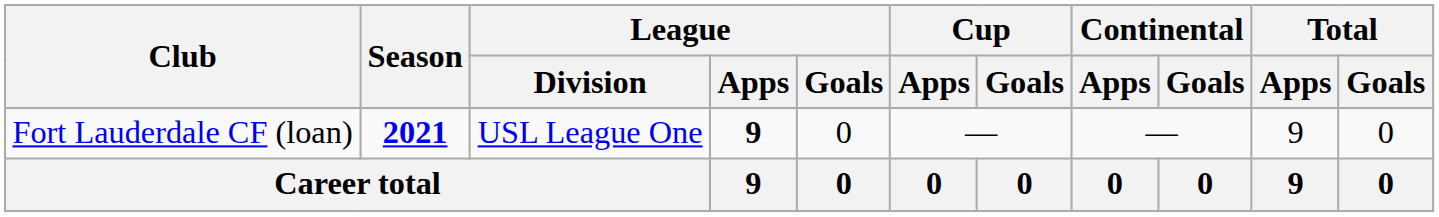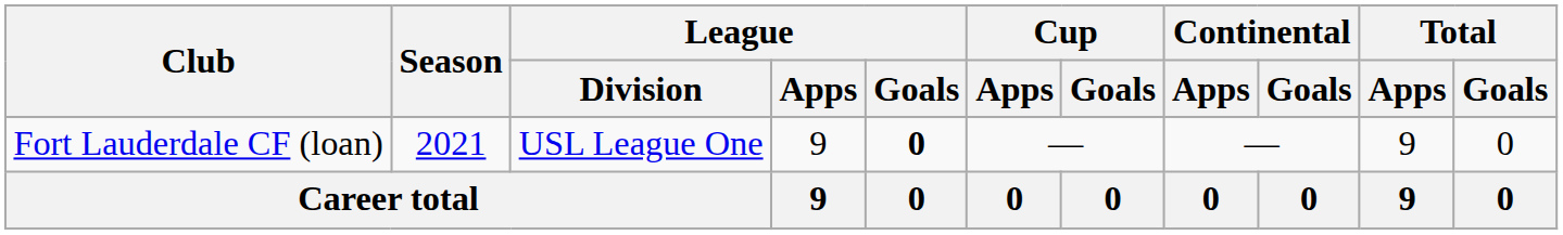 <table class=wikitable style=text-align:center>
 <tr>
 <th rowspan=2>Club</th>
 <th rowspan=2>Season</th>
 <th colspan=3>League</th>
 <th colspan=2>Cup</th>
 <th colspan=2>Continental</th>
 <th colspan=2>Total</th>
 </tr>
 <tr>
 <th>Division</th>
 <th>Apps</th>
 <th>Goals</th>
 <th>Apps</th>
 <th>Goals</th>
 <th>Apps</th>
 <th>Goals</th>
 <th>Apps</th>
 <th>Goals</th>
 </tr>
 <tr>
 <td rowspan=1><a href='#'>Fort Lauderdale CF</a> (loan)</td>
-<td><strong><a href='#'>2021</a></strong></td>
+<td><a href='#'>2021</a></td>
 <td><a href='#'>USL League One</a></td>
-<td><strong>9</strong></td>
-<td>0</td>
+<td>9</td>
+<td><strong>0</strong></td>
 <td colspan=2>—</td>
 <td colspan=2>—</td>
 <td>9</td>
 <td>0</td>
 </tr>
 <tr>
 <th colspan=3>Career total</th>
 <th>9</th>
 <th>0</th>
 <th>0</th>
 <th>0</th>
 <th>0</th>
 <th>0</th>
 <th>9</th>
 <th>0</th>
 </tr>
 </table>
